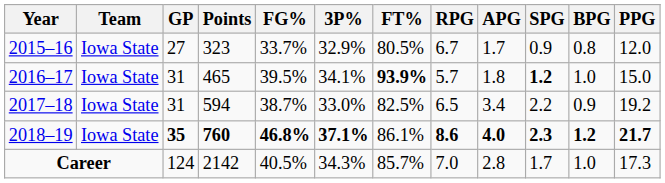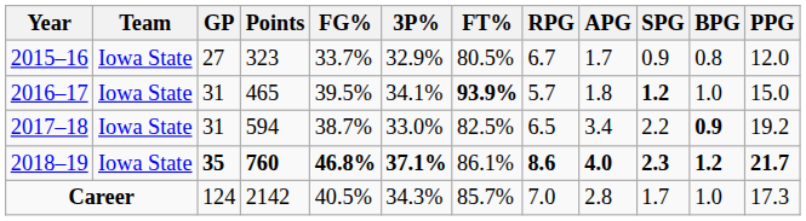 <table class="wikitable sortable">
 <tr>
 <th>Year</th>
 <th>Team</th>
 <th>GP</th>
 <th>Points</th>
 <th>FG%</th>
 <th>3P%</th>
 <th>FT%</th>
 <th>RPG</th>
 <th>APG</th>
 <th>SPG</th>
 <th>BPG</th>
 <th>PPG</th>
 </tr>
 <tr>
 <td><a href='#'>2015–16</a></td>
 <td><a href='#'>Iowa State</a></td>
 <td>27</td>
 <td>323</td>
 <td>33.7%</td>
 <td>32.9%</td>
 <td>80.5%</td>
 <td>6.7</td>
 <td>1.7</td>
 <td>0.9</td>
 <td>0.8</td>
 <td>12.0</td>
 </tr>
 <tr>
 <td><a href='#'>2016–17</a></td>
 <td><a href='#'>Iowa State</a></td>
 <td>31</td>
 <td>465</td>
 <td>39.5%</td>
 <td>34.1%</td>
 <td><strong>93.9%</strong></td>
 <td>5.7</td>
 <td>1.8</td>
 <td><strong>1.2</strong></td>
 <td>1.0</td>
 <td>15.0</td>
 </tr>
 <tr>
 <td><a href='#'>2017–18</a></td>
 <td><a href='#'>Iowa State</a></td>
 <td>31</td>
 <td>594</td>
 <td>38.7%</td>
 <td>33.0%</td>
 <td>82.5%</td>
 <td>6.5</td>
 <td>3.4</td>
 <td>2.2</td>
-<td>0.9</td>
+<td><strong>0.9</strong></td>
 <td>19.2</td>
 </tr>
 <tr>
 <td><a href='#'>2018–19</a></td>
 <td><a href='#'>Iowa State</a></td>
 <td><strong>35</strong></td>
 <td><strong>760</strong></td>
 <td><strong>46.8%</strong></td>
 <td><strong>37.1%</strong></td>
 <td>86.1%</td>
 <td><strong>8.6</strong></td>
 <td><strong>4.0</strong></td>
 <td><strong>2.3</strong></td>
 <td><strong>1.2</strong></td>
 <td><strong>21.7</strong></td>
 </tr>
 <tr class="sortbottom">
 <td colspan=2 align="center"><strong>Career</strong></td>
 <td>124</td>
 <td>2142</td>
 <td>40.5%</td>
 <td>34.3%</td>
 <td>85.7%</td>
 <td>7.0</td>
 <td>2.8</td>
 <td>1.7</td>
 <td>1.0</td>
 <td>17.3</td>
 </tr>
 </table>
